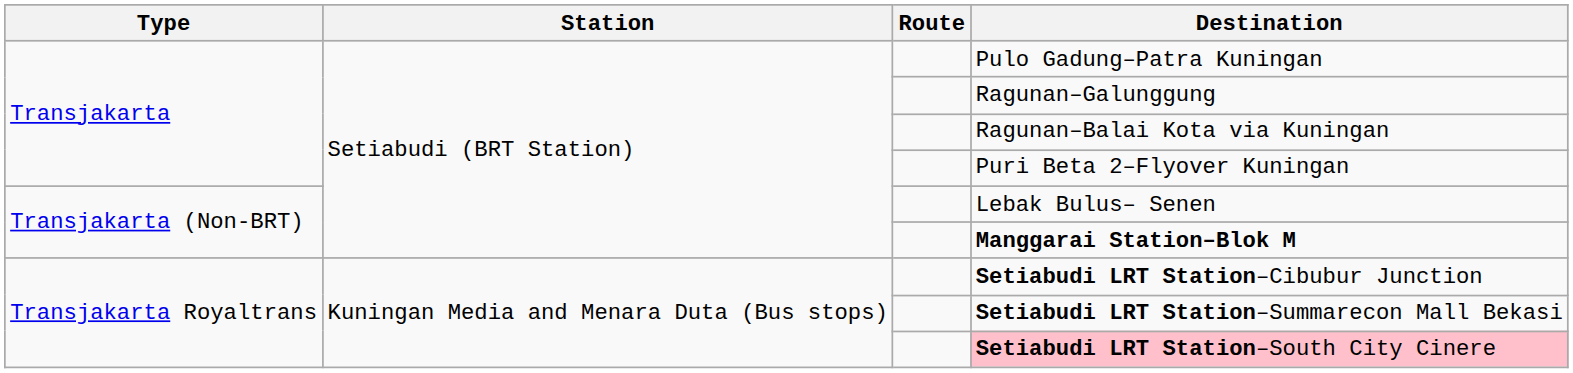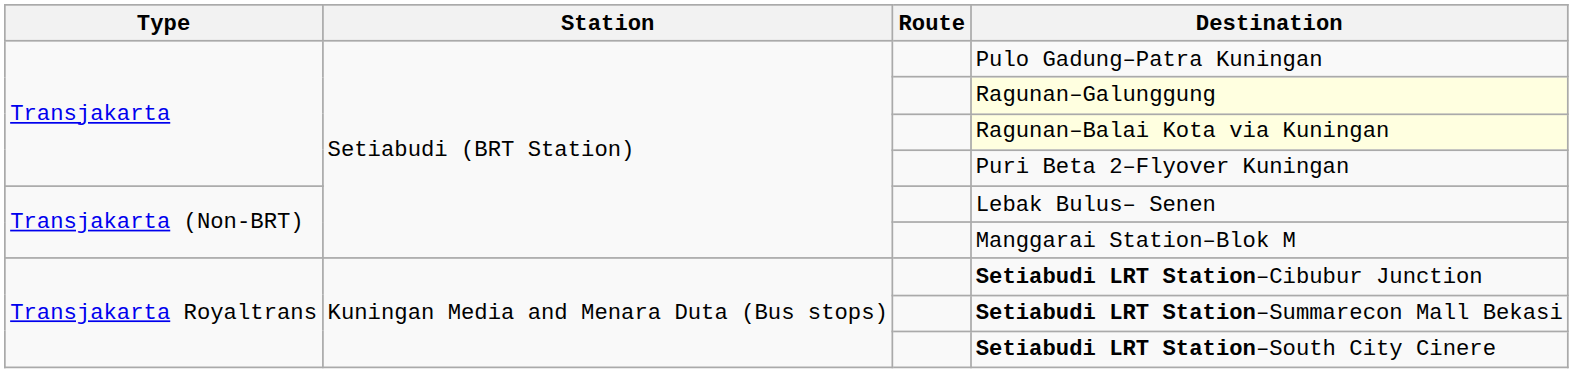 <table class="wikitable">
 <tr>
 <th>Type</th>
 <th>Station</th>
 <th>Route</th>
 <th>Destination</th>
 </tr>
 <tr>
 <td rowspan="4"><a href='#'>Transjakarta</a></td>
 <td rowspan="6">Setiabudi (BRT Station)</td>
 <td></td>
 <td>Pulo Gadung–Patra Kuningan</td>
 </tr>
 <tr>
 <td></td>
-<td>Ragunan–Galunggung</td>
+<td style="background: lightyellow;">Ragunan–Galunggung</td>
 </tr>
 <tr>
 <td></td>
-<td>Ragunan–Balai Kota via Kuningan</td>
+<td style="background: lightyellow;">Ragunan–Balai Kota via Kuningan</td>
 </tr>
 <tr>
 <td></td>
 <td>Puri Beta 2–Flyover Kuningan</td>
 </tr>
 <tr>
 <td rowspan="2"><a href='#'>Transjakarta</a> (Non-BRT)</td>
 <td></td>
 <td>Lebak Bulus– Senen</td>
 </tr>
 <tr>
 <td></td>
-<td><strong>Manggarai Station–Blok M</strong></td>
+<td>Manggarai Station–Blok M</td>
 </tr>
 <tr>
 <td rowspan="3"><a href='#'>Transjakarta</a> Royaltrans</td>
 <td rowspan="3">Kuningan Media and Menara Duta (Bus stops)</td>
 <td></td>
 <td><strong>Setiabudi LRT Station</strong>–Cibubur Junction</td>
 </tr>
 <tr>
 <td></td>
 <td><strong>Setiabudi LRT Station</strong>–Summarecon Mall Bekasi</td>
 </tr>
 <tr>
 <td></td>
-<td style="background: pink;"><strong>Setiabudi LRT Station</strong>–South City Cinere</td>
+<td><strong>Setiabudi LRT Station</strong>–South City Cinere</td>
 </tr>
 </table>
